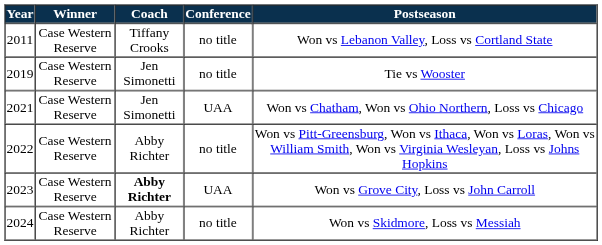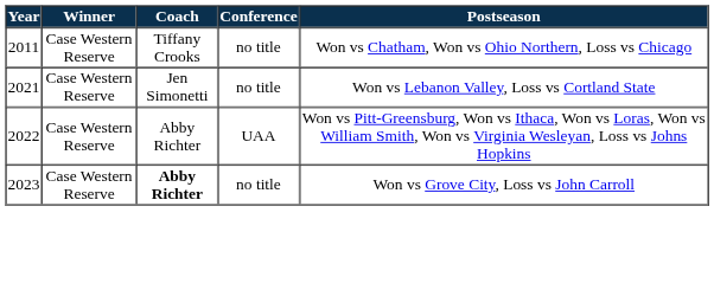 <table bcellpadding="1" border="1" cellspacing="0" style="width:80%;"valign="top">
 <tr>
 <th - style="background:#0A304E; color:white">Year</th>
 <th - style="background:#0A304E; color:white">Winner</th>
 <th - style="background:#0A304E; color:white">Coach</th>
 <th - style="background:#0A304E; color:white">Conference</th>
 <th - style="background:#0A304E; color:white">Postseason</th>
 </tr>
 <tr style="text-align:center;">
 <td>2011</td>
 <td>Case Western Reserve</td>
 <td>Tiffany Crooks</td>
 <td>no title</td>
-<td>Won vs <a href='#'>Lebanon Valley</a>, Loss vs <a href='#'>Cortland State</a></td>
-</tr>
-<tr style="text-align:center;">
-<td>2019</td>
-<td>Case Western Reserve</td>
-<td>Jen Simonetti</td>
-<td>no title</td>
-<td>Tie vs <a href='#'>Wooster</a></td>
+<td>Won vs <a href='#'>Chatham</a>, Won vs <a href='#'>Ohio Northern</a>, Loss vs <a href='#'>Chicago</a></td>
 </tr>
 <tr style="text-align:center;">
 <td>2021</td>
 <td>Case Western Reserve</td>
 <td>Jen Simonetti</td>
-<td>UAA</td>
-<td>Won vs <a href='#'>Chatham</a>, Won vs <a href='#'>Ohio Northern</a>, Loss vs <a href='#'>Chicago</a></td>
+<td>no title</td>
+<td>Won vs <a href='#'>Lebanon Valley</a>, Loss vs <a href='#'>Cortland State</a></td>
 </tr>
 <tr style="text-align:center;">
 <td>2022</td>
 <td>Case Western Reserve</td>
 <td>Abby Richter</td>
-<td>no title</td>
+<td>UAA</td>
 <td>Won vs <a href='#'>Pitt-Greensburg</a>, Won vs <a href='#'>Ithaca</a>, Won vs <a href='#'>Loras</a>, Won vs <a href='#'>William Smith</a>, Won vs <a href='#'>Virginia Wesleyan</a>, Loss vs <a href='#'>Johns Hopkins</a></td>
 </tr>
 <tr style="text-align:center;">
 <td>2023</td>
 <td>Case Western Reserve</td>
 <td><strong>Abby Richter</strong></td>
-<td>UAA</td>
+<td>no title</td>
 <td>Won vs <a href='#'>Grove City</a>, Loss vs <a href='#'>John Carroll</a></td>
-</tr>
-<tr style="text-align:center;">
-<td>2024</td>
-<td>Case Western Reserve</td>
-<td>Abby Richter</td>
-<td>no title</td>
-<td>Won vs <a href='#'>Skidmore</a>, Loss vs <a href='#'>Messiah</a></td>
 </tr>
 <tr style="text-align:center;">
 </tr>
 </table>
